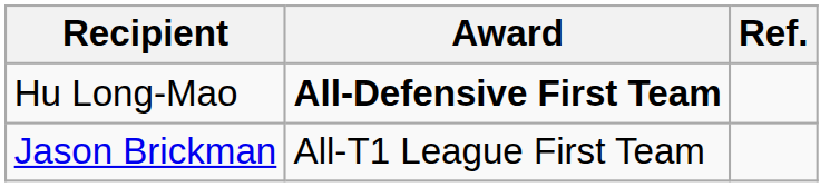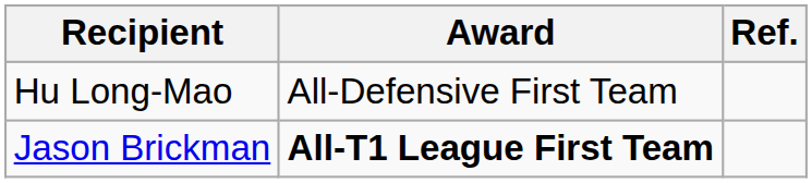 <table class="wikitable">
 <tr>
 <th>Recipient</th>
 <th>Award</th>
 <th>Ref.</th>
 </tr>
 <tr>
 <td>Hu Long-Mao</td>
-<td><strong>All-Defensive First Team</strong></td>
+<td>All-Defensive First Team</td>
 <td></td>
 </tr>
 <tr>
 <td><a href='#'>Jason Brickman</a></td>
-<td>All-T1 League First Team</td>
+<td><strong>All-T1 League First Team</strong></td>
 <td></td>
 </tr>
 </table>
